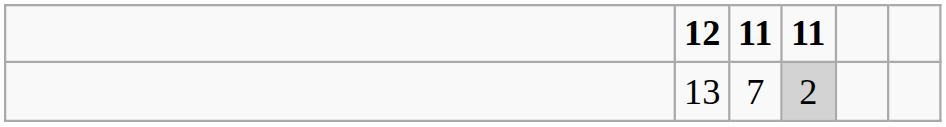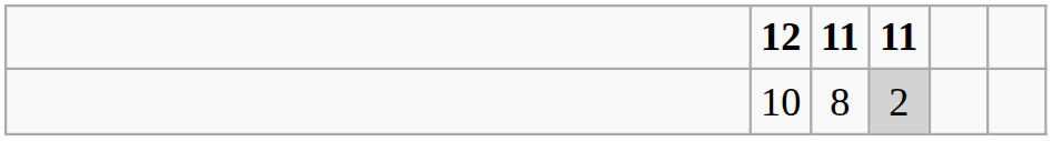 <table class="wikitable">
 <tr>
 <td style="width:18em"></td>
 <td align=center style="width:1em"><strong>12</strong></td>
 <td align=center style="width:1em"><strong>11</strong></td>
 <td align=center style="width:1em"><strong>11</strong></td>
 <td align=center style="width:1em"></td>
 <td align=center style="width:1em"></td>
 </tr>
 <tr>
 <td style="width:18em"></td>
-<td align=center style="width:1em">13</td>
-<td align=center style="width:1em">7</td>
+<td align=center style="width:1em">10</td>
+<td align=center style="width:1em">8</td>
 <td align=center style="background: lightgrey; width:1em">2</td>
 <td align=center style="width:1em"></td>
 <td align=center style="width:1em"></td>
 </tr>
 </table>
